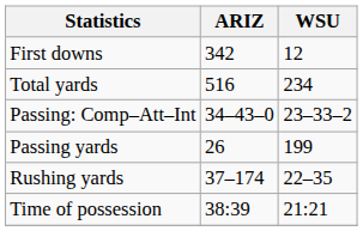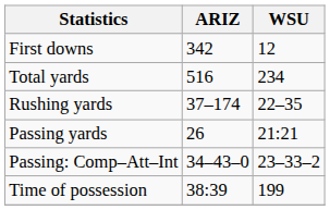 <table class="wikitable" style="float: left;">
 <tr>
 <th>Statistics</th>
 <th>ARIZ</th>
 <th>WSU</th>
 </tr>
 <tr>
 <td>First downs</td>
 <td>342</td>
 <td>12</td>
 </tr>
 <tr>
 <td>Total yards</td>
 <td>516</td>
 <td>234</td>
 </tr>
 <tr>
+<td>Rushing yards</td>
+<td>37–174</td>
+<td>22–35</td>
+</tr>
+<tr>
+<td>Passing yards</td>
+<td>26</td>
+<td>21:21</td>
+</tr>
+<tr>
 <td>Passing: Comp–Att–Int</td>
 <td>34–43–0</td>
 <td>23–33–2</td>
 </tr>
 <tr>
-<td>Passing yards</td>
-<td>26</td>
-<td>199</td>
-</tr>
-<tr>
-<td>Rushing yards</td>
-<td>37–174</td>
-<td>22–35</td>
-</tr>
-<tr>
 <td>Time of possession</td>
 <td>38:39</td>
-<td>21:21</td>
+<td>199</td>
 </tr>
 <tr>
 </tr>
 </table>
